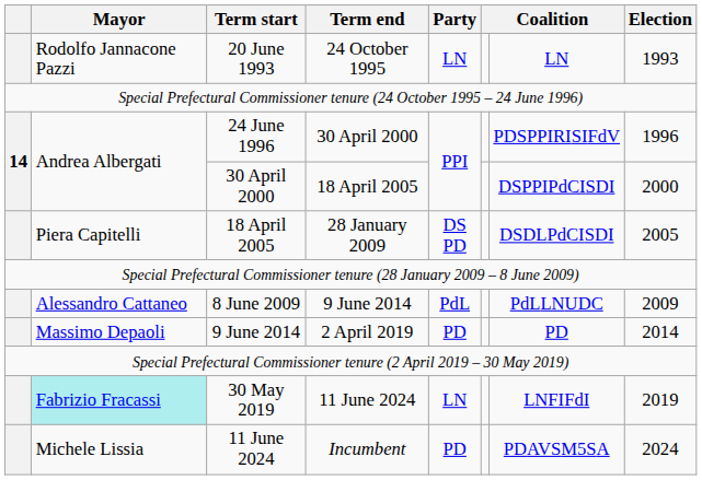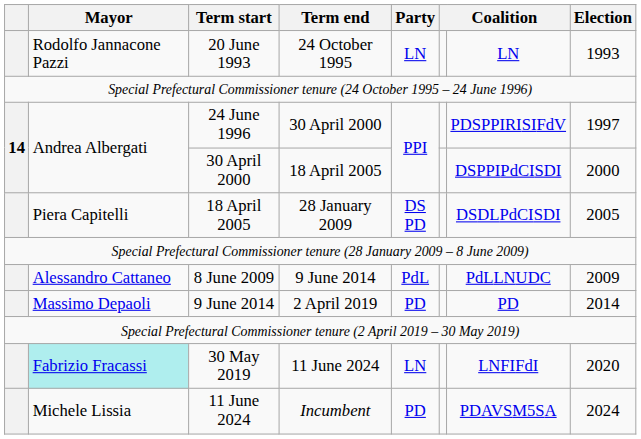 <table class="wikitable">
 <tr>
 <th class=unsortable> </th>
 <th>Mayor</th>
 <th>Term start</th>
 <th>Term end</th>
 <th>Party</th>
 <th colspan="2">Coalition</th>
 <th>Election</th>
 </tr>
 <tr>
 <th style="background:"></th>
 <td>Rodolfo Jannacone Pazzi</td>
 <td align=center>20 June 1993</td>
 <td align=center>24 October 1995</td>
 <td align=center><a href='#'>LN</a></td>
 <td style="background: "></td>
 <td align=center><a href='#'>LN</a></td>
 <td align=center>1993</td>
 </tr>
 <tr>
 <td colspan=8 align=center><small><em>Special Prefectural Commissioner tenure (24 October 1995 – 24 June 1996)</em></small></td>
 </tr>
 <tr>
 <th rowspan=2 style="background:">14</th>
 <td rowspan=2>Andrea Albergati</td>
 <td align=center>24 June 1996</td>
 <td align=center>30 April 2000</td>
 <td rowspan=2 align=center><a href='#'>PPI</a></td>
 <td style="background: "></td>
 <td align=center><a href='#'>PDS</a><a href='#'>PPI</a><a href='#'>RI</a><a href='#'>SI</a><a href='#'>FdV</a></td>
-<td align=center>1996</td>
+<td align=center>1997</td>
 </tr>
 <tr>
 <td align=center>30 April 2000</td>
 <td align=center>18 April 2005</td>
 <td style="background: "></td>
 <td align=center><a href='#'>DS</a><a href='#'>PPI</a><a href='#'>PdCI</a><a href='#'>SDI</a></td>
 <td align=center>2000</td>
 </tr>
 <tr>
 <th style="background:"></th>
 <td>Piera Capitelli</td>
 <td align=center>18 April 2005</td>
 <td align=center>28 January 2009</td>
 <td align=center><a href='#'>DS</a><br><a href='#'>PD</a></td>
 <td style="background: "></td>
 <td align=center><a href='#'>DS</a><a href='#'>DL</a><a href='#'>PdCI</a><a href='#'>SDI</a></td>
 <td align=center>2005</td>
 </tr>
 <tr>
 <td colspan=8 align=center><small><em>Special Prefectural Commissioner tenure (28 January 2009 – 8 June 2009)</em></small></td>
 </tr>
 <tr>
 <th style="background:"></th>
 <td><a href='#'>Alessandro Cattaneo</a></td>
 <td align=center>8 June 2009</td>
 <td align=center>9 June 2014</td>
 <td align=center><a href='#'>PdL</a></td>
 <td style="background: "></td>
 <td align=center><a href='#'>PdL</a><a href='#'>LN</a><a href='#'>UDC</a></td>
 <td align=center>2009</td>
 </tr>
 <tr>
 <th style="background:"></th>
 <td><a href='#'>Massimo Depaoli</a></td>
 <td align=center>9 June 2014</td>
 <td align=center>2 April 2019</td>
 <td align=center><a href='#'>PD</a></td>
 <td style="background: "></td>
 <td align=center><a href='#'>PD</a></td>
 <td align=center>2014</td>
 </tr>
 <tr>
 <td colspan=8 align=center><small><em>Special Prefectural Commissioner tenure (2 April 2019 – 30 May 2019)</em></small></td>
 </tr>
 <tr>
 <th style="background:"></th>
 <td style="background: paleturquoise;"><a href='#'>Fabrizio Fracassi</a></td>
 <td align=center>30 May 2019</td>
 <td align=center>11 June 2024</td>
 <td align=center><a href='#'>LN</a></td>
 <td style="background: "></td>
 <td align=center><a href='#'>LN</a><a href='#'>FI</a><a href='#'>FdI</a></td>
-<td align=center>2019</td>
+<td align=center>2020</td>
 </tr>
 <tr>
 <th style="background:"></th>
 <td>Michele Lissia</td>
 <td align=center>11 June 2024</td>
 <td align=center><em>Incumbent</em></td>
 <td align=center><a href='#'>PD</a></td>
 <td style="background: "></td>
 <td align=center><a href='#'>PD</a><a href='#'>AVS</a><a href='#'>M5S</a><a href='#'>A</a></td>
 <td align=center>2024</td>
 </tr>
 </table>
